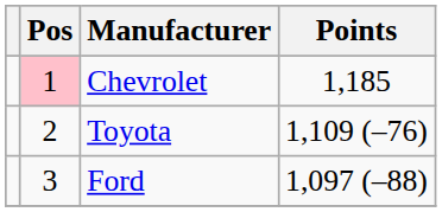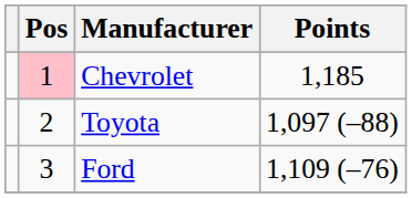 <table class="wikitable" style="font-size: 95%;">
 <tr>
 <th></th>
 <th>Pos</th>
 <th>Manufacturer</th>
 <th>Points</th>
 </tr>
 <tr>
 <td align="left"></td>
 <td style="background: pink; text-align:center;">1</td>
 <td><a href='#'>Chevrolet</a></td>
 <td style="text-align:center;">1,185</td>
 </tr>
 <tr>
 <td align="left"></td>
 <td style="text-align:center;">2</td>
 <td><a href='#'>Toyota</a></td>
-<td style="text-align:center;">1,109 (–76)</td>
+<td style="text-align:center;">1,097 (–88)</td>
 </tr>
 <tr>
 <td align="left"></td>
 <td style="text-align:center;">3</td>
 <td><a href='#'>Ford</a></td>
-<td style="text-align:center;">1,097 (–88)</td>
+<td style="text-align:center;">1,109 (–76)</td>
 </tr>
 <tr class="sortbottom">
 </tr>
 </table>
